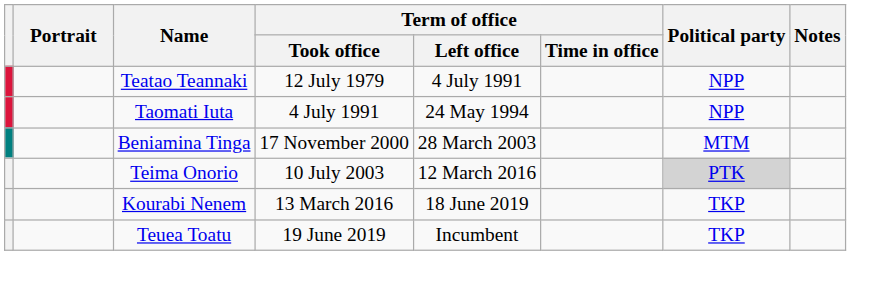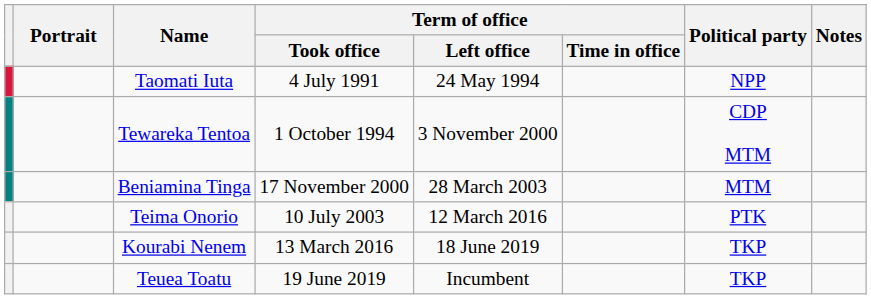 <table class="wikitable" style="text-align:center">
 <tr>
 <th rowspan="2"></th>
 <th rowspan="2" style="width:75px;">Portrait</th>
 <th rowspan="2">Name<br></th>
 <th colspan="3">Term of office</th>
 <th rowspan="2">Political party</th>
 <th rowspan="2">Notes</th>
 </tr>
 <tr>
 <th>Took office</th>
 <th>Left office</th>
 <th>Time in office</th>
 </tr>
 <tr>
 <th style="background:#DC143C;"></th>
 <td></td>
-<td><a href='#'>Teatao Teannaki</a><br></td>
-<td>12 July 1979</td>
+<td><a href='#'>Taomati Iuta</a><br></td>
 <td>4 July 1991</td>
+<td>24 May 1994</td>
 <td></td>
 <td><a href='#'>NPP</a></td>
 <td></td>
 </tr>
 <tr>
-<th style="background:#DC143C;"></th>
+<th style="background:#008080;"></th>
 <td></td>
-<td><a href='#'>Taomati Iuta</a><br></td>
-<td>4 July 1991</td>
-<td>24 May 1994</td>
+<td><a href='#'>Tewareka Tentoa</a><br></td>
+<td>1 October 1994</td>
+<td>3 November 2000</td>
 <td></td>
-<td><a href='#'>NPP</a></td>
+<td><a href='#'>CDP</a><br><br><a href='#'>MTM</a></td>
 <td></td>
 </tr>
 <tr>
 <th style="background:#008080;"></th>
 <td></td>
 <td><a href='#'>Beniamina Tinga</a><br></td>
 <td>17 November 2000</td>
 <td>28 March 2003</td>
 <td></td>
 <td><a href='#'>MTM</a></td>
 <td></td>
 </tr>
 <tr>
 <th style="background:"></th>
 <td></td>
 <td><a href='#'>Teima Onorio</a><br></td>
 <td>10 July 2003</td>
 <td>12 March 2016</td>
 <td></td>
-<td style="background: lightgrey;"><a href='#'>PTK</a></td>
+<td><a href='#'>PTK</a></td>
 <td></td>
 </tr>
 <tr>
 <th style="background:"></th>
 <td></td>
 <td><a href='#'>Kourabi Nenem</a><br></td>
 <td>13 March 2016</td>
 <td>18 June 2019</td>
 <td></td>
 <td><a href='#'>TKP</a></td>
 <td></td>
 </tr>
 <tr>
 <th style="background:"></th>
 <td></td>
 <td><a href='#'>Teuea Toatu</a><br></td>
 <td>19 June 2019</td>
 <td>Incumbent</td>
 <td></td>
 <td><a href='#'>TKP</a></td>
 <td></td>
 </tr>
 </table>
